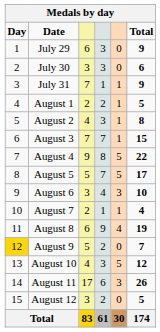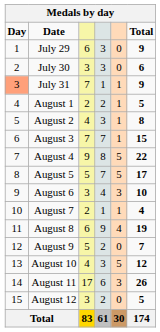 <table class=wikitable style="font-size:85%; float:right;text-align:center">
 <tr>
 <th colspan=7>Medals by day</th>
 </tr>
 <tr>
 <td><strong>Day</strong></td>
 <td><strong>Date</strong></td>
 <td bgcolor=F7F6A8></td>
 <td bgcolor=DCE5E5></td>
 <td bgcolor=FFDAB9></td>
 <td><strong>Total</strong></td>
 </tr>
 <tr>
 <td>1</td>
 <td>July 29</td>
 <td bgcolor=F7F6A8>6</td>
 <td bgcolor=DCE5E5>3</td>
 <td bgcolor=FFDAB9>0</td>
 <td><strong>9</strong></td>
 </tr>
 <tr>
 <td>2</td>
 <td>July 30</td>
 <td bgcolor=F7F6A8>3</td>
 <td bgcolor=DCE5E5>3</td>
 <td bgcolor=FFDAB9>0</td>
 <td><strong>6</strong></td>
 </tr>
 <tr>
-<td>3</td>
+<td style="background: lightsalmon;">3</td>
 <td>July 31</td>
 <td bgcolor=F7F6A8>7</td>
 <td bgcolor=DCE5E5>1</td>
 <td bgcolor=FFDAB9>1</td>
 <td><strong>9</strong></td>
 </tr>
 <tr>
 <td>4</td>
 <td>August 1</td>
 <td bgcolor=F7F6A8>2</td>
 <td bgcolor=DCE5E5>2</td>
 <td bgcolor=FFDAB9>1</td>
 <td><strong>5</strong></td>
 </tr>
 <tr>
 <td>5</td>
 <td>August 2</td>
 <td bgcolor=F7F6A8>4</td>
 <td bgcolor=DCE5E5>3</td>
 <td bgcolor=FFDAB9>1</td>
 <td><strong>8</strong></td>
 </tr>
 <tr>
 <td>6</td>
 <td>August 3</td>
 <td bgcolor=F7F6A8>7</td>
 <td bgcolor=DCE5E5>7</td>
 <td bgcolor=FFDAB9>1</td>
 <td><strong>15</strong></td>
 </tr>
 <tr>
 <td>7</td>
 <td>August 4</td>
 <td bgcolor=F7F6A8>9</td>
 <td bgcolor=DCE5E5>8</td>
 <td bgcolor=FFDAB9>5</td>
 <td><strong>22</strong></td>
 </tr>
 <tr>
 <td>8</td>
 <td>August 5</td>
 <td bgcolor=F7F6A8>5</td>
 <td bgcolor=DCE5E5>7</td>
 <td bgcolor=FFDAB9>5</td>
 <td><strong>17</strong></td>
 </tr>
 <tr>
 <td>9</td>
 <td>August 6</td>
 <td bgcolor=F7F6A8>3</td>
 <td bgcolor=DCE5E5>4</td>
 <td bgcolor=FFDAB9>3</td>
 <td><strong>10</strong></td>
 </tr>
 <tr>
 <td>10</td>
 <td>August 7</td>
 <td bgcolor=F7F6A8>2</td>
 <td bgcolor=DCE5E5>1</td>
 <td bgcolor=FFDAB9>1</td>
 <td><strong>4</strong></td>
 </tr>
 <tr>
 <td>11</td>
 <td>August 8</td>
 <td bgcolor=F7F6A8>6</td>
 <td bgcolor=DCE5E5>9</td>
 <td bgcolor=FFDAB9>4</td>
 <td><strong>19</strong></td>
 </tr>
 <tr>
-<td style="background: gold;">12</td>
+<td>12</td>
 <td>August 9</td>
 <td bgcolor=F7F6A8>5</td>
 <td bgcolor=DCE5E5>2</td>
 <td bgcolor=FFDAB9>0</td>
 <td><strong>7</strong></td>
 </tr>
 <tr>
 <td>13</td>
 <td>August 10</td>
 <td bgcolor=F7F6A8>4</td>
 <td bgcolor=DCE5E5>3</td>
 <td bgcolor=FFDAB9>5</td>
 <td><strong>12</strong></td>
 </tr>
 <tr>
 <td>14</td>
 <td>August 11</td>
 <td bgcolor=F7F6A8>17</td>
 <td bgcolor=DCE5E5>6</td>
 <td bgcolor=FFDAB9>3</td>
 <td><strong>26</strong></td>
 </tr>
 <tr>
 <td>15</td>
 <td>August 12</td>
 <td bgcolor=F7F6A8>3</td>
 <td bgcolor=DCE5E5>2</td>
 <td bgcolor=FFDAB9>0</td>
 <td><strong>5</strong></td>
 </tr>
 <tr>
 <th colspan=2>Total</th>
 <th style=background:gold>83</th>
 <th style=background:silver>61</th>
 <th style=background:#C96>30</th>
 <th>174</th>
 </tr>
 </table>
